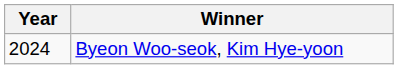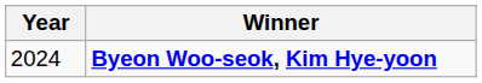 <table class="wikitable">
 <tr align=center>
 <th style="width:50px">Year</th>
 <th style="width:270px">Winner</th>
 </tr>
 <tr>
 <td rowspan="2">2024</td>
-<td><a href='#'>Byeon Woo-seok</a>, <a href='#'>Kim Hye-yoon</a></td>
+<td><strong><a href='#'>Byeon Woo-seok</a>, <a href='#'>Kim Hye-yoon</a></strong></td>
 </tr>
 </table>
